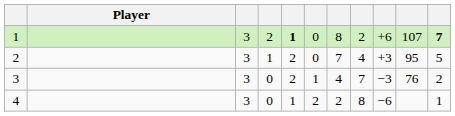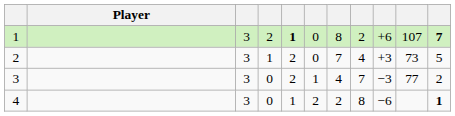 <table class="wikitable" style="text-align:center; margin: 1em auto 1em auto, align:left">
 <tr>
 <th width=20></th>
 <th width=240>Player</th>
 <th width=20></th>
 <th width=20></th>
 <th width=20></th>
 <th width=20></th>
 <th width=20></th>
 <th width=20></th>
 <th width=20></th>
 <th width=30></th>
 <th width=20></th>
 </tr>
 <tr style="background:#D0F0C0;">
 <td>1</td>
 <td align=left></td>
 <td>3</td>
 <td>2</td>
 <td><strong>1</strong></td>
 <td>0</td>
 <td>8</td>
 <td>2</td>
 <td>+6</td>
 <td>107</td>
 <td><strong>7</strong></td>
 </tr>
 <tr style=>
 <td>2</td>
 <td align=left></td>
 <td>3</td>
 <td>1</td>
 <td>2</td>
 <td>0</td>
 <td>7</td>
 <td>4</td>
 <td>+3</td>
-<td>95</td>
+<td>73</td>
 <td>5</td>
 </tr>
 <tr style=>
 <td>3</td>
 <td align=left></td>
 <td>3</td>
 <td>0</td>
 <td>2</td>
 <td>1</td>
 <td>4</td>
 <td>7</td>
 <td>−3</td>
-<td>76</td>
+<td>77</td>
 <td>2</td>
 </tr>
 <tr style=>
 <td>4</td>
 <td align=left></td>
 <td>3</td>
 <td>0</td>
 <td>1</td>
 <td>2</td>
 <td>2</td>
 <td>8</td>
 <td>−6</td>
 <td></td>
-<td>1</td>
+<td><strong>1</strong></td>
 </tr>
 </table>
